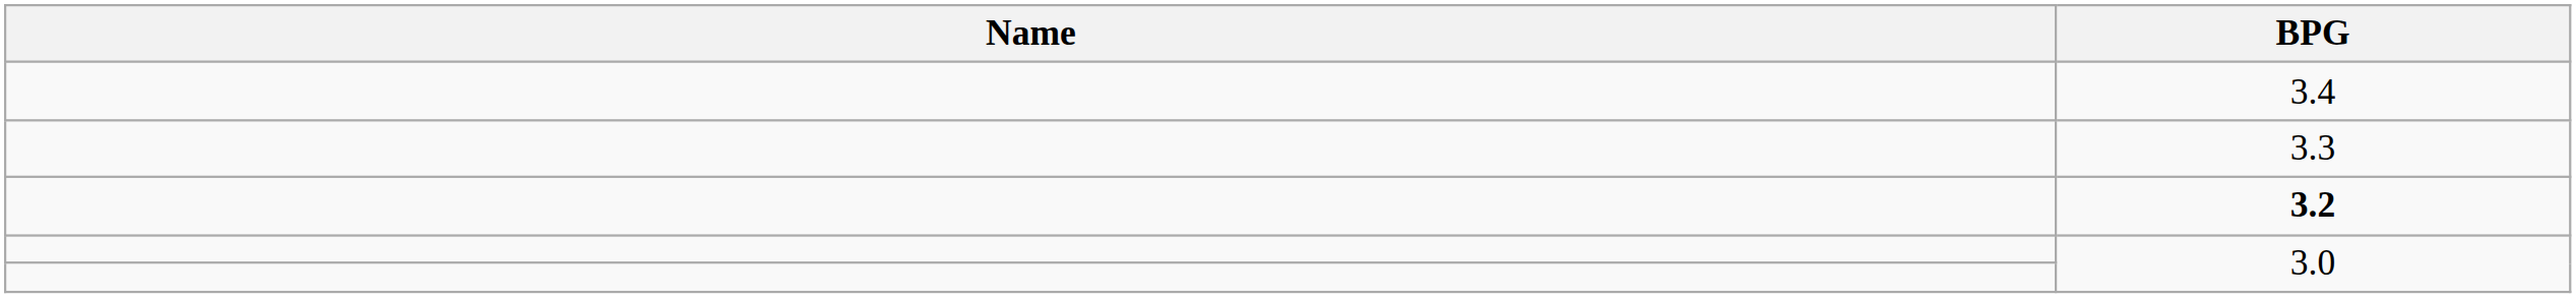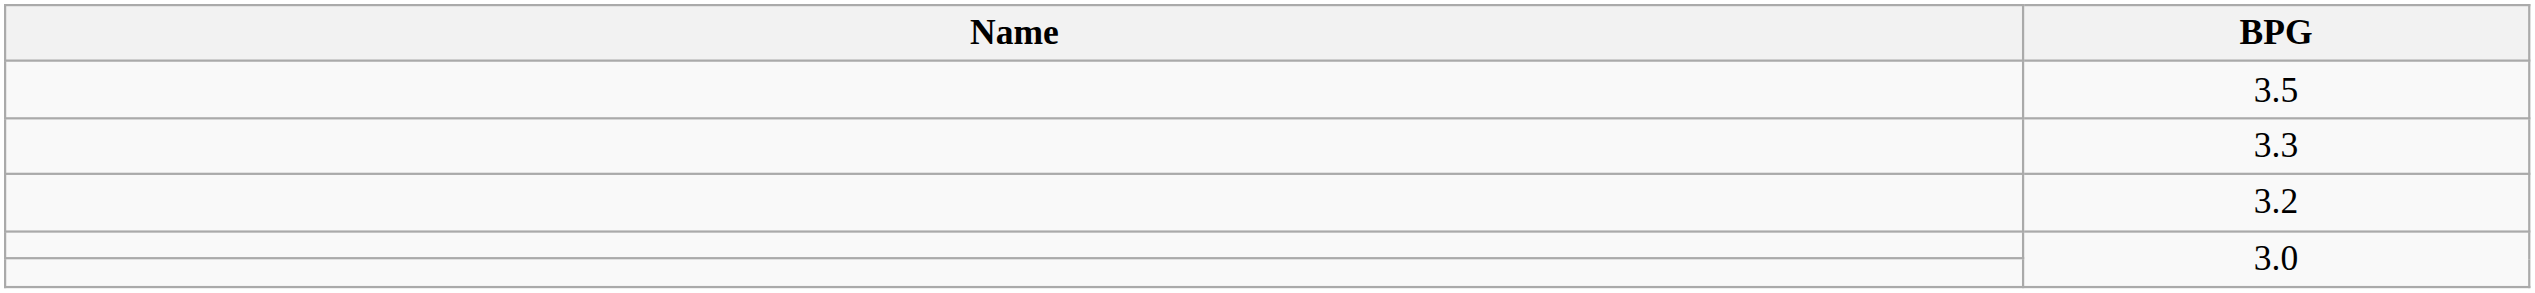 <table class=wikitable width="90%">
 <tr>
 <th width="80%">Name</th>
 <th width="20%">BPG</th>
 </tr>
 <tr>
 <td></td>
-<td align=center>3.4</td>
+<td align=center>3.5</td>
 </tr>
 <tr>
 <td></td>
 <td align=center>3.3</td>
 </tr>
 <tr>
 <td></td>
-<td align=center><strong>3.2</strong></td>
+<td align=center>3.2</td>
 </tr>
 <tr>
 <td></td>
 <td align=center rowspan=2>3.0</td>
 </tr>
 <tr>
 <td></td>
 </tr>
 </table>
